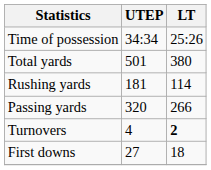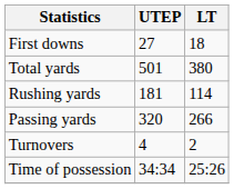 <table class="wikitable">
 <tr>
 <th>Statistics</th>
 <th>UTEP</th>
 <th>LT</th>
 </tr>
 <tr>
-<td>Time of possession</td>
-<td>34:34</td>
-<td>25:26</td>
+<td>First downs</td>
+<td>27</td>
+<td>18</td>
 </tr>
 <tr>
 <td>Total yards</td>
 <td>501</td>
 <td>380</td>
 </tr>
 <tr>
 <td>Rushing yards</td>
 <td>181</td>
 <td>114</td>
 </tr>
 <tr>
 <td>Passing yards</td>
 <td>320</td>
 <td>266</td>
 </tr>
 <tr>
 <td>Turnovers</td>
 <td>4</td>
-<td><strong>2</strong></td>
+<td>2</td>
 </tr>
 <tr>
-<td>First downs</td>
-<td>27</td>
-<td>18</td>
+<td>Time of possession</td>
+<td>34:34</td>
+<td>25:26</td>
 </tr>
 <tr>
 </tr>
 </table>
